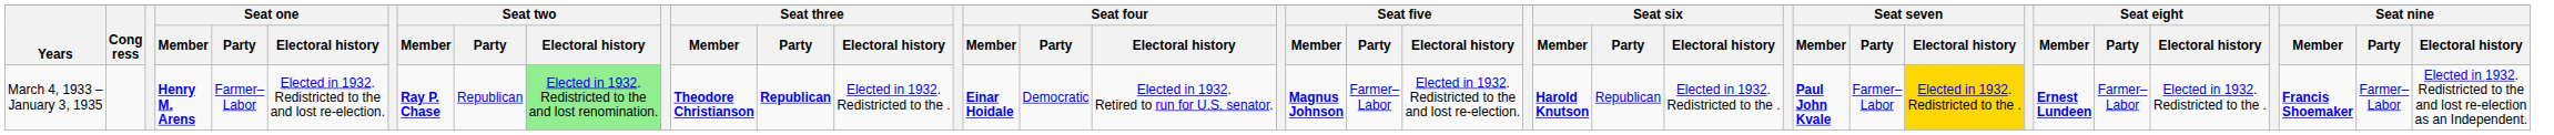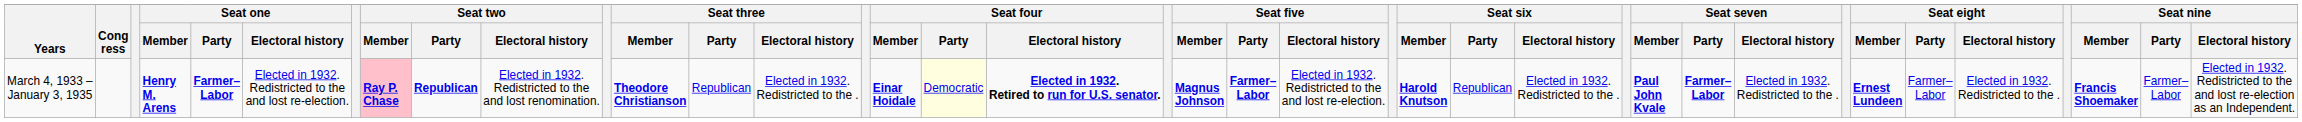 <table class=wikitable style="text-align:center">
 <tr>
 </tr>
 <tr valign=bottom>
 <th rowspan=2>Years</th>
 <th rowspan=2>Cong<br>ress</th>
 <th rowspan=20> </th>
 <th colspan=3>Seat one</th>
 <th rowspan=20> </th>
 <th colspan=3>Seat two</th>
 <th rowspan=20> </th>
 <th colspan=3>Seat three</th>
 <th rowspan=20> </th>
 <th colspan=3>Seat four</th>
 <th rowspan=20> </th>
 <th colspan=3>Seat five</th>
 <th rowspan=20> </th>
 <th colspan=3>Seat six</th>
 <th rowspan=20> </th>
 <th colspan=3>Seat seven</th>
 <th rowspan=20> </th>
 <th colspan=3>Seat eight</th>
 <th rowspan=20> </th>
 <th colspan=3>Seat nine</th>
 </tr>
 <tr style="height:3em">
 <th>Member</th>
 <th>Party</th>
 <th>Electoral history</th>
 <th>Member</th>
 <th>Party</th>
 <th>Electoral history</th>
 <th>Member</th>
 <th>Party</th>
 <th>Electoral history</th>
 <th>Member</th>
 <th>Party</th>
 <th>Electoral history</th>
 <th>Member</th>
 <th>Party</th>
 <th>Electoral history</th>
 <th>Member</th>
 <th>Party</th>
 <th>Electoral history</th>
 <th>Member</th>
 <th>Party</th>
 <th>Electoral history</th>
 <th>Member</th>
 <th>Party</th>
 <th>Electoral history</th>
 <th>Member</th>
 <th>Party</th>
 <th>Electoral history</th>
 </tr>
 <tr>
 <td nowrap>March 4, 1933 – <br> January 3, 1935</td>
 <td></td>
 <td align=left><br><strong><a href='#'>Henry M. Arens</a></strong><br></td>
-<td><a href='#'>Farmer–Labor</a></td>
+<td><strong><a href='#'>Farmer–Labor</a></strong></td>
 <td nowrap><a href='#'>Elected in 1932</a>.<br>Redistricted to the  <br> and lost re-election.</td>
-<td align=left><br><strong><a href='#'>Ray P. Chase</a></strong><br></td>
+<td align=left style="background: pink;"><br><strong><a href='#'>Ray P. Chase</a></strong><br></td>
+<td><strong><a href='#'>Republican</a></strong></td>
+<td nowrap><a href='#'>Elected in 1932</a>.<br>Redistricted to the  <br> and lost renomination.</td>
+<td align=left><br><strong><a href='#'>Theodore Christianson</a></strong><br></td>
 <td><a href='#'>Republican</a></td>
-<td nowrap style="background: lightgreen;"><a href='#'>Elected in 1932</a>.<br>Redistricted to the  <br> and lost renomination.</td>
-<td align=left><br><strong><a href='#'>Theodore Christianson</a></strong><br></td>
-<td><strong><a href='#'>Republican</a></strong></td>
 <td nowrap><a href='#'>Elected in 1932</a>.<br>Redistricted to the .</td>
 <td align=left><br><strong><a href='#'>Einar Hoidale</a></strong><br></td>
-<td><a href='#'>Democratic</a></td>
-<td nowrap><a href='#'>Elected in 1932</a>.<br>Retired to <a href='#'>run for U.S. senator</a>.</td>
+<td style="background: lightyellow;"><a href='#'>Democratic</a></td>
+<td nowrap><strong><a href='#'>Elected in 1932</a>.<br>Retired to <a href='#'>run for U.S. senator</a>.</strong></td>
 <td align=left><br><strong><a href='#'>Magnus Johnson</a></strong><br></td>
-<td><a href='#'>Farmer–Labor</a></td>
+<td><strong><a href='#'>Farmer–Labor</a></strong></td>
 <td nowrap><a href='#'>Elected in 1932</a>.<br>Redistricted to the  <br> and lost re-election.</td>
 <td align=left><br><strong><a href='#'>Harold Knutson</a></strong><br></td>
 <td><a href='#'>Republican</a></td>
 <td nowrap><a href='#'>Elected in 1932</a>.<br>Redistricted to the .</td>
 <td align=left><br><strong><a href='#'>Paul John Kvale</a></strong><br></td>
-<td><a href='#'>Farmer–Labor</a></td>
-<td nowrap style="background: gold;"><a href='#'>Elected in 1932</a>.<br>Redistricted to the .</td>
+<td><strong><a href='#'>Farmer–Labor</a></strong></td>
+<td nowrap><a href='#'>Elected in 1932</a>.<br>Redistricted to the .</td>
 <td align=left><br><strong><a href='#'>Ernest Lundeen</a></strong><br></td>
 <td><a href='#'>Farmer–Labor</a></td>
 <td nowrap><a href='#'>Elected in 1932</a>.<br>Redistricted to the .</td>
 <td align=left><br><strong><a href='#'>Francis Shoemaker</a></strong><br></td>
 <td><a href='#'>Farmer–Labor</a></td>
 <td nowrap><a href='#'>Elected in 1932</a>.<br>Redistricted to the  <br> and lost re-election <br> as an Independent.</td>
 </tr>
 </table>
